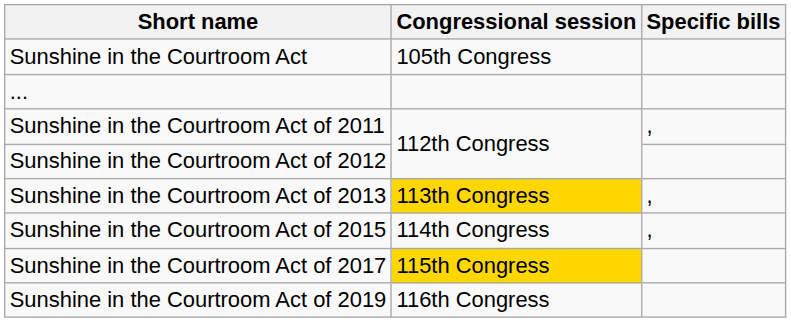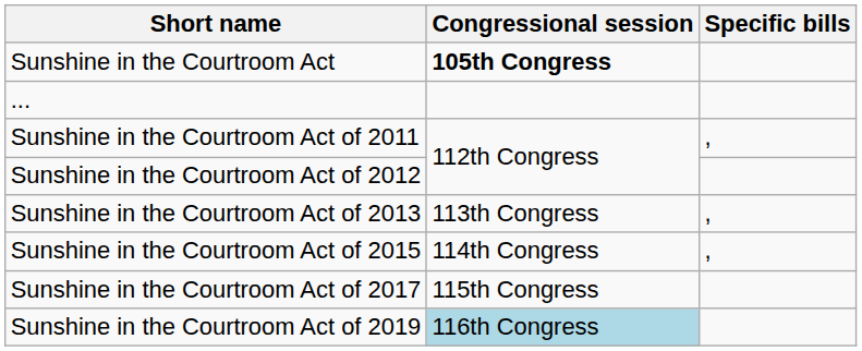 <table class="wikitable">
 <tr>
 <th>Short name</th>
 <th>Congressional session</th>
 <th>Specific bills</th>
 </tr>
 <tr>
 <td>Sunshine in the Courtroom Act</td>
-<td>105th Congress</td>
+<td><strong>105th Congress</strong></td>
 <td></td>
 </tr>
 <tr>
 <td>...</td>
 <td></td>
 <td></td>
 </tr>
 <tr>
 <td>Sunshine in the Courtroom Act of 2011</td>
 <td rowspan="2">112th Congress</td>
 <td>, </td>
 </tr>
 <tr>
 <td>Sunshine in the Courtroom Act of 2012</td>
 <td></td>
 </tr>
 <tr>
 <td>Sunshine in the Courtroom Act of 2013</td>
-<td style="background: gold;">113th Congress</td>
+<td>113th Congress</td>
 <td>, </td>
 </tr>
 <tr>
 <td>Sunshine in the Courtroom Act of 2015</td>
 <td>114th Congress</td>
 <td>, </td>
 </tr>
 <tr>
 <td>Sunshine in the Courtroom Act of 2017</td>
-<td style="background: gold;">115th Congress</td>
+<td>115th Congress</td>
 <td></td>
 </tr>
 <tr>
 <td>Sunshine in the Courtroom Act of 2019</td>
-<td>116th Congress</td>
+<td style="background: lightblue;">116th Congress</td>
 <td></td>
 </tr>
 </table>
